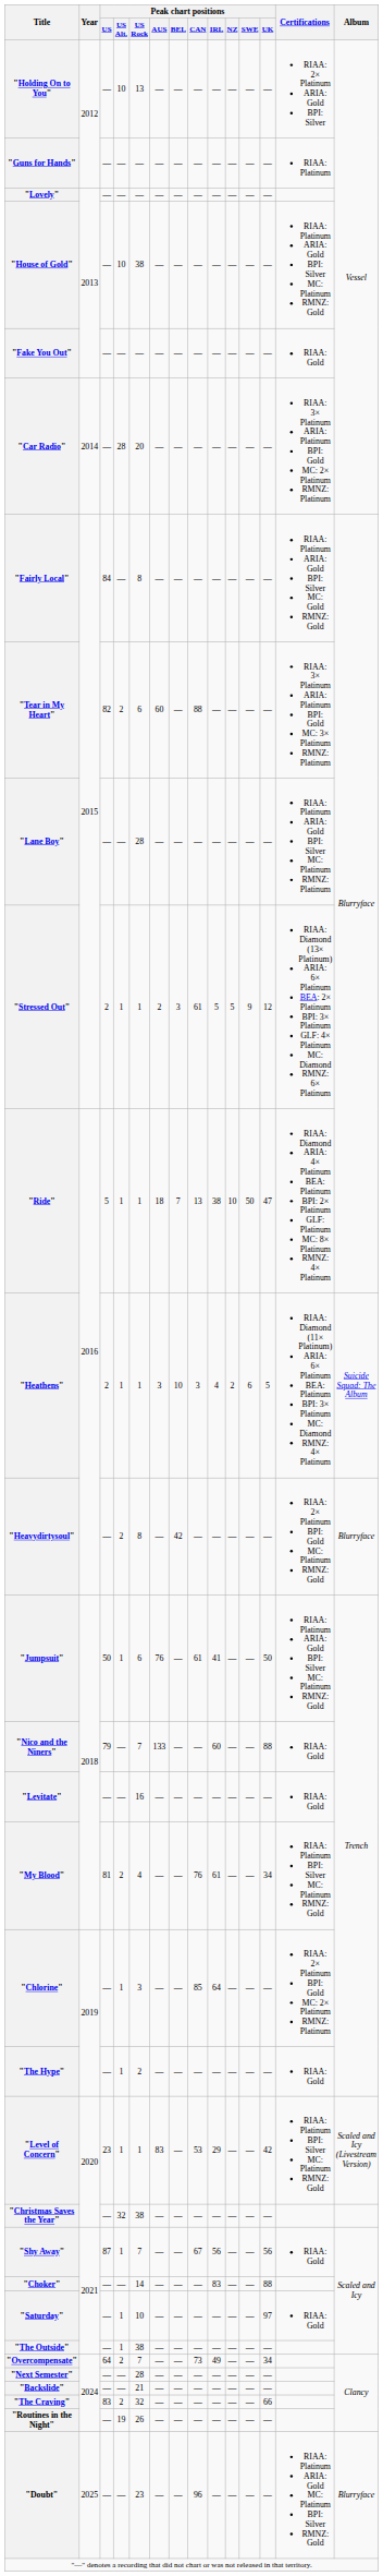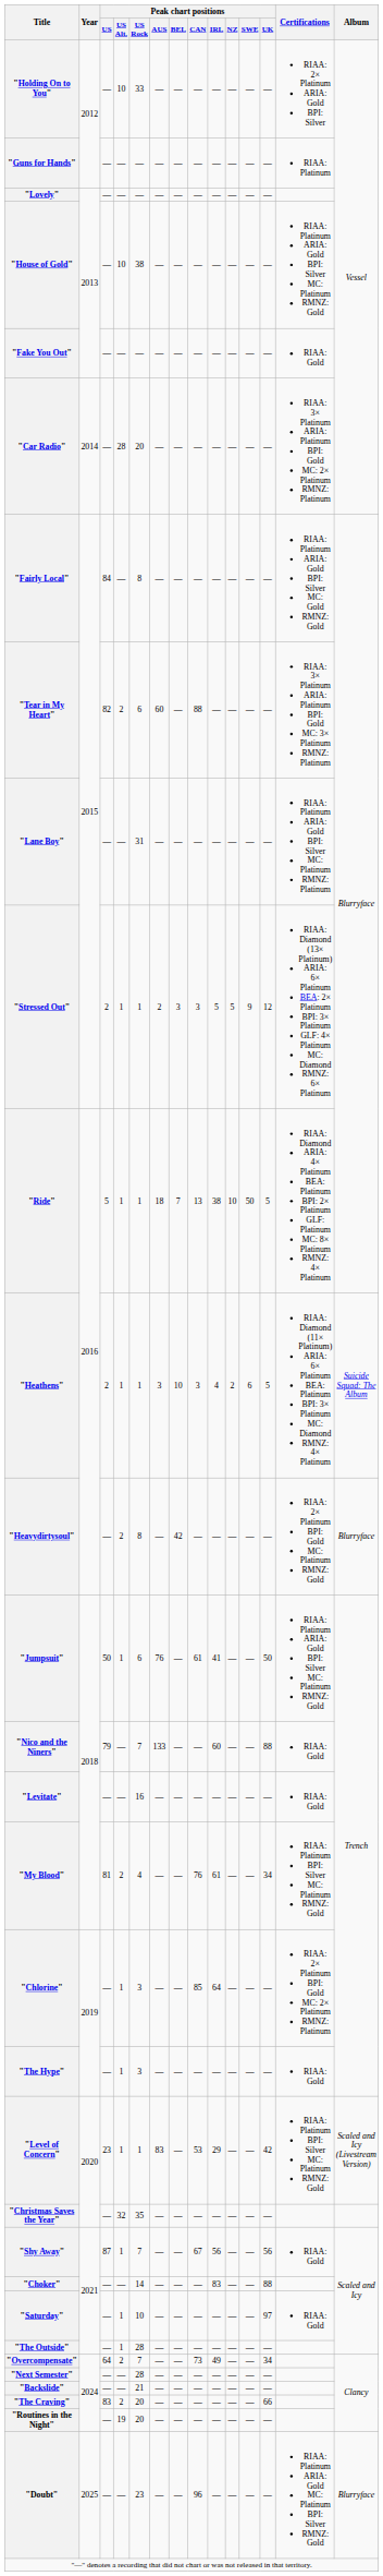 <table class="wikitable plainrowheaders" style="text-align:center;">
 <tr>
 <th scope="col" rowspan="2" style="width:14em;">Title</th>
 <th scope="col" rowspan="2" style="width:2.5em;">Year</th>
 <th scope="col" colspan="10">Peak chart positions</th>
 <th scope="col" rowspan="2" style="width:12em;"><a href='#'>Certifications</a></th>
 <th scope="col" rowspan="2" style="width:12em;">Album</th>
 </tr>
 <tr>
 <th scope="col" style="width:2.5em; font-size:90%;"><a href='#'>US</a><br></th>
 <th scope="col" style="width:2.5em; font-size:90%;"><a href='#'>US<br>Alt.</a><br></th>
 <th scope="col" style="width:2.5em; font-size:90%;"><a href='#'>US<br>Rock</a><br></th>
 <th scope="col" style="width:2.5em; font-size:90%;"><a href='#'>AUS</a><br></th>
 <th scope="col" style="width:2.5em; font-size:90%;"><a href='#'>BEL</a><br></th>
 <th scope="col" style="width:2.5em; font-size:90%;"><a href='#'>CAN</a><br></th>
 <th scope="col" style="width:2.5em; font-size:90%;"><a href='#'>IRL</a><br></th>
 <th scope="col" style="width:2.5em; font-size:90%;"><a href='#'>NZ</a><br></th>
 <th scope="col" style="width:2.5em; font-size:90%;"><a href='#'>SWE</a><br></th>
 <th scope="col" style="width:2.5em; font-size:90%;"><a href='#'>UK</a><br></th>
 </tr>
 <tr>
 <th scope="row">"<a href='#'>Holding On to You</a>"</th>
 <td rowspan="2">2012</td>
 <td>—</td>
 <td>10</td>
-<td>13</td>
+<td>33</td>
 <td>—</td>
 <td>—</td>
 <td>—</td>
 <td>—</td>
 <td>—</td>
 <td>—</td>
 <td>—</td>
 <td><br><ul><li>RIAA: 2× Platinum</li><li>ARIA: Gold</li><li>BPI: Silver</li></ul></td>
 <td rowspan="6"><em>Vessel</em></td>
 </tr>
 <tr>
 <th scope="row">"<a href='#'>Guns for Hands</a>"</th>
 <td>—</td>
 <td>—</td>
 <td>—</td>
 <td>—</td>
 <td>—</td>
 <td>—</td>
 <td>—</td>
 <td>—</td>
 <td>—</td>
 <td>—</td>
 <td><br><ul><li>RIAA: Platinum</li></ul></td>
 </tr>
 <tr>
 <th scope="row">"<a href='#'>Lovely</a>"</th>
 <td rowspan="3">2013</td>
 <td>—</td>
 <td>—</td>
 <td>—</td>
 <td>—</td>
 <td>—</td>
 <td>—</td>
 <td>—</td>
 <td>—</td>
 <td>—</td>
 <td>—</td>
 <td></td>
 </tr>
 <tr>
 <th scope="row">"<a href='#'>House of Gold</a>"</th>
 <td>—</td>
 <td>10</td>
 <td>38</td>
 <td>—</td>
 <td>—</td>
 <td>—</td>
 <td>—</td>
 <td>—</td>
 <td>—</td>
 <td>—</td>
 <td><br><ul><li>RIAA: Platinum</li><li>ARIA: Gold</li><li>BPI: Silver</li><li>MC: Platinum</li><li>RMNZ: Gold</li></ul></td>
 </tr>
 <tr>
 <th scope="row">"<a href='#'>Fake You Out</a>"</th>
 <td>—</td>
 <td>—</td>
 <td>—</td>
 <td>—</td>
 <td>—</td>
 <td>—</td>
 <td>—</td>
 <td>—</td>
 <td>—</td>
 <td>—</td>
 <td><br><ul><li>RIAA: Gold</li></ul></td>
 </tr>
 <tr>
 <th scope="row">"<a href='#'>Car Radio</a>"</th>
 <td>2014</td>
 <td>—</td>
 <td>28</td>
 <td>20</td>
 <td>—</td>
 <td>—</td>
 <td>—</td>
 <td>—</td>
 <td>—</td>
 <td>—</td>
 <td>—</td>
 <td><br><ul><li>RIAA: 3× Platinum</li><li>ARIA: Platinum</li><li>BPI: Gold</li><li>MC: 2× Platinum</li><li>RMNZ: Platinum</li></ul></td>
 </tr>
 <tr>
 <th scope="row">"<a href='#'>Fairly Local</a>"</th>
 <td rowspan="4">2015</td>
 <td>84</td>
 <td>—</td>
 <td>8</td>
 <td>—</td>
 <td>—</td>
 <td>—</td>
 <td>—</td>
 <td>—</td>
 <td>—</td>
 <td>—</td>
 <td><br><ul><li>RIAA: Platinum</li><li>ARIA: Gold</li><li>BPI: Silver</li><li>MC: Gold</li><li>RMNZ: Gold</li></ul></td>
 <td rowspan="5"><em>Blurryface</em></td>
 </tr>
 <tr>
 <th scope="row">"<a href='#'>Tear in My Heart</a>"</th>
 <td>82</td>
 <td>2</td>
 <td>6</td>
 <td>60</td>
 <td>—</td>
 <td>88</td>
 <td>—</td>
 <td>—</td>
 <td>—</td>
 <td>—</td>
 <td><br><ul><li>RIAA: 3× Platinum</li><li>ARIA: Platinum</li><li>BPI: Gold</li><li>MC: 3× Platinum</li><li>RMNZ: Platinum</li></ul></td>
 </tr>
 <tr>
 <th scope="row">"<a href='#'>Lane Boy</a>"</th>
 <td>—</td>
 <td>—</td>
-<td>28</td>
+<td>31</td>
 <td>—</td>
 <td>—</td>
 <td>—</td>
 <td>—</td>
 <td>—</td>
 <td>—</td>
 <td>—</td>
 <td><br><ul><li>RIAA: Platinum</li><li>ARIA: Gold</li><li>BPI: Silver</li><li>MC: Platinum</li><li>RMNZ: Platinum</li></ul></td>
 </tr>
 <tr>
 <th scope="row">"<a href='#'>Stressed Out</a>"</th>
 <td>2</td>
 <td>1</td>
 <td>1</td>
 <td>2</td>
 <td>3</td>
-<td>61</td>
+<td>3</td>
 <td>5</td>
 <td>5</td>
 <td>9</td>
 <td>12</td>
 <td><br><ul><li>RIAA: Diamond (13× Platinum)</li><li>ARIA: 6× Platinum</li><li><a href='#'>BEA</a>: 2× Platinum</li><li>BPI: 3× Platinum</li><li>GLF: 4× Platinum</li><li>MC: Diamond</li><li>RMNZ: 6× Platinum</li></ul></td>
 </tr>
 <tr>
 <th scope="row">"<a href='#'>Ride</a>"</th>
 <td rowspan="3">2016</td>
 <td>5</td>
 <td>1</td>
 <td>1</td>
 <td>18</td>
 <td>7</td>
 <td>13</td>
 <td>38</td>
 <td>10</td>
 <td>50</td>
-<td>47</td>
+<td>5</td>
 <td><br><ul><li>RIAA: Diamond</li><li>ARIA: 4× Platinum</li><li>BEA: Platinum</li><li>BPI: 2× Platinum</li><li>GLF: Platinum</li><li>MC: 8× Platinum</li><li>RMNZ: 4× Platinum</li></ul></td>
 </tr>
 <tr>
 <th scope="row">"<a href='#'>Heathens</a>"</th>
 <td>2</td>
 <td>1</td>
 <td>1</td>
 <td>3</td>
 <td>10</td>
 <td>3</td>
 <td>4</td>
 <td>2</td>
 <td>6</td>
 <td>5</td>
 <td><br><ul><li>RIAA: Diamond (11× Platinum)</li><li>ARIA: 6× Platinum</li><li>BEA: Platinum</li><li>BPI: 3× Platinum</li><li>MC: Diamond</li><li>RMNZ: 4× Platinum</li></ul></td>
 <td><em><a href='#'>Suicide Squad: The Album</a></em></td>
 </tr>
 <tr>
 <th scope="row">"<a href='#'>Heavydirtysoul</a>"</th>
 <td>—</td>
 <td>2</td>
 <td>8</td>
 <td>—</td>
 <td>42</td>
 <td>—</td>
 <td>—</td>
 <td>—</td>
 <td>—</td>
 <td>—</td>
 <td><br><ul><li>RIAA: 2× Platinum</li><li>BPI: Gold</li><li>MC: Platinum</li><li>RMNZ: Gold</li></ul></td>
 <td><em>Blurryface</em></td>
 </tr>
 <tr>
 <th scope="row">"<a href='#'>Jumpsuit</a>"</th>
 <td rowspan="4">2018</td>
 <td>50</td>
 <td>1</td>
 <td>6</td>
 <td>76</td>
 <td>—</td>
 <td>61</td>
 <td>41</td>
 <td>—</td>
 <td>—</td>
 <td>50</td>
 <td><br><ul><li>RIAA: Platinum</li><li>ARIA: Gold</li><li>BPI: Silver</li><li>MC: Platinum</li><li>RMNZ: Gold</li></ul></td>
 <td rowspan="6"><em>Trench</em></td>
 </tr>
 <tr>
 <th scope="row">"<a href='#'>Nico and the Niners</a>"</th>
 <td>79</td>
 <td>—</td>
 <td>7</td>
 <td>133</td>
 <td>—</td>
 <td>—</td>
 <td>60</td>
 <td>—</td>
 <td>—</td>
 <td>88</td>
 <td><br><ul><li>RIAA: Gold</li></ul></td>
 </tr>
 <tr>
 <th scope="row">"<a href='#'>Levitate</a>"</th>
 <td>—</td>
 <td>—</td>
 <td>16</td>
 <td>—</td>
 <td>—</td>
 <td>—</td>
 <td>—</td>
 <td>—</td>
 <td>—</td>
 <td>—</td>
 <td><br><ul><li>RIAA: Gold</li></ul></td>
 </tr>
 <tr>
 <th scope="row">"<a href='#'>My Blood</a>"</th>
 <td>81</td>
 <td>2</td>
 <td>4</td>
 <td>—</td>
 <td>—</td>
 <td>76</td>
 <td>61</td>
 <td>—</td>
 <td>—</td>
 <td>34</td>
 <td><br><ul><li>RIAA: Platinum</li><li>BPI: Silver</li><li>MC: Platinum</li><li>RMNZ: Gold</li></ul></td>
 </tr>
 <tr>
 <th scope="row">"<a href='#'>Chlorine</a>"</th>
 <td rowspan="2">2019</td>
 <td>—</td>
 <td>1</td>
 <td>3</td>
 <td>—</td>
 <td>—</td>
 <td>85</td>
 <td>64</td>
 <td>—</td>
 <td>—</td>
 <td>—</td>
 <td><br><ul><li>RIAA: 2× Platinum</li><li>BPI: Gold</li><li>MC: 2× Platinum</li><li>RMNZ: Platinum</li></ul></td>
 </tr>
 <tr>
 <th scope="row">"<a href='#'>The Hype</a>"</th>
 <td>—</td>
 <td>1</td>
-<td>2</td>
+<td>3</td>
 <td>—</td>
 <td>—</td>
 <td>—</td>
 <td>—</td>
 <td>—</td>
 <td>—</td>
 <td>—</td>
 <td><br><ul><li>RIAA: Gold</li></ul></td>
 </tr>
 <tr>
 <th scope="row">"<a href='#'>Level of Concern</a>"</th>
 <td rowspan="2">2020</td>
 <td>23</td>
 <td>1</td>
 <td>1</td>
 <td>83</td>
 <td>—</td>
 <td>53</td>
 <td>29</td>
 <td>—</td>
 <td>—</td>
 <td>42</td>
 <td><br><ul><li>RIAA: Platinum</li><li>BPI: Silver</li><li>MC: Platinum</li><li>RMNZ: Gold</li></ul></td>
 <td><em>Scaled and Icy (Livestream Version)</em></td>
 </tr>
 <tr>
 <th scope="row">"<a href='#'>Christmas Saves the Year</a>"</th>
 <td>—</td>
 <td>32</td>
-<td>38</td>
+<td>35</td>
 <td>—</td>
 <td>—</td>
 <td>—</td>
 <td>—</td>
 <td>—</td>
 <td>—</td>
 <td>—</td>
 <td></td>
 <td></td>
 </tr>
 <tr>
 <th scope="row">"<a href='#'>Shy Away</a>"</th>
 <td rowspan="4">2021</td>
 <td>87</td>
 <td>1</td>
 <td>7</td>
 <td>—</td>
 <td>—</td>
 <td>67</td>
 <td>56</td>
 <td>—</td>
 <td>—</td>
 <td>56</td>
 <td><br><ul><li>RIAA: Gold</li></ul></td>
 <td rowspan="4"><em>Scaled and Icy</em></td>
 </tr>
 <tr>
 <th scope="row">"<a href='#'>Choker</a>"</th>
 <td>—</td>
 <td>—</td>
 <td>14</td>
 <td>—</td>
 <td>—</td>
 <td>—</td>
 <td>83</td>
 <td>—</td>
 <td>—</td>
 <td>88</td>
 </tr>
 <tr>
 <th scope="row">"<a href='#'>Saturday</a>"</th>
 <td>—</td>
 <td>1</td>
 <td>10</td>
 <td>—</td>
 <td>—</td>
 <td>—</td>
 <td>—</td>
 <td>—</td>
 <td>—</td>
 <td>97</td>
 <td><br><ul><li>RIAA: Gold</li></ul></td>
 </tr>
 <tr>
 <th scope="row">"<a href='#'>The Outside</a>"</th>
 <td>—</td>
 <td>1</td>
-<td>38</td>
+<td>28</td>
 <td>—</td>
 <td>—</td>
 <td>—</td>
 <td>—</td>
 <td>—</td>
 <td>—</td>
 <td>—</td>
 </tr>
 <tr>
 <th scope="row">"<a href='#'>Overcompensate</a>"</th>
 <td rowspan="5">2024</td>
 <td>64</td>
 <td>2</td>
 <td>7</td>
 <td>—</td>
 <td>—</td>
 <td>73</td>
 <td>49</td>
 <td>—</td>
 <td>—</td>
 <td>34</td>
 <td></td>
 <td rowspan="5"><em>Clancy</em></td>
 </tr>
 <tr>
 <th scope="row">"<a href='#'>Next Semester</a>"</th>
 <td>—</td>
 <td>—</td>
 <td>28</td>
 <td>—</td>
 <td>—</td>
 <td>—</td>
 <td>—</td>
 <td>—</td>
 <td>—</td>
 <td>—</td>
 <td></td>
 </tr>
 <tr>
 <th scope="row">"<a href='#'>Backslide</a>"</th>
 <td>—</td>
 <td>—</td>
 <td>21</td>
 <td>—</td>
 <td>—</td>
 <td>—</td>
 <td>—</td>
 <td>—</td>
 <td>—</td>
 <td>—</td>
 <td></td>
 </tr>
 <tr>
 <th scope="row">"<a href='#'>The Craving</a>"</th>
 <td>83</td>
 <td>2</td>
-<td>32</td>
+<td>20</td>
 <td>—</td>
 <td>—</td>
 <td>—</td>
 <td>—</td>
 <td>—</td>
 <td>—</td>
 <td>66</td>
 <td></td>
 </tr>
 <tr>
 <th scope="row">"Routines in the Night"</th>
 <td>—</td>
 <td>19</td>
-<td>26</td>
+<td>20</td>
 <td>—</td>
 <td>—</td>
 <td>—</td>
 <td>—</td>
 <td>—</td>
 <td>—</td>
 <td>—</td>
 <td></td>
 </tr>
 <tr>
 <th scope="row">"Doubt"<br></th>
 <td>2025</td>
 <td>—</td>
 <td>—</td>
 <td>23</td>
 <td>—</td>
 <td>—</td>
 <td>96</td>
 <td>—</td>
 <td>—</td>
 <td>—</td>
 <td>—</td>
 <td><br><ul><li>RIAA: Platinum</li><li>ARIA: Gold</li><li>MC: Platinum</li><li>BPI: Silver</li><li>RMNZ: Gold</li></ul></td>
 <td><em>Blurryface</em></td>
 </tr>
 <tr>
 <td colspan="14" style="font-size:90%">"—" denotes a recording that did not chart or was not released in that territory.</td>
 </tr>
 </table>
